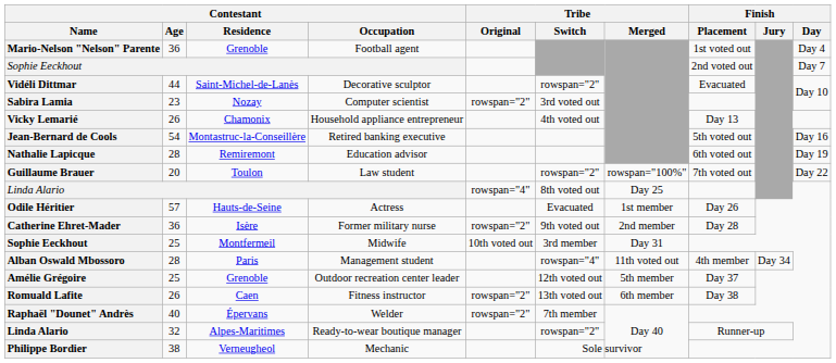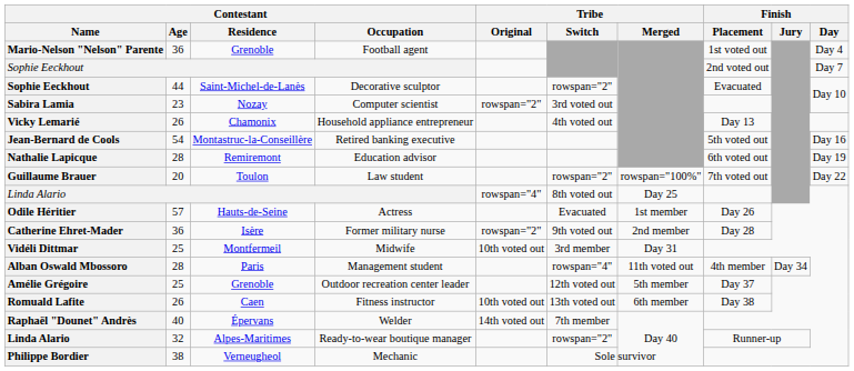 <table class="wikitable sortable" style="text-align:center;">
 <tr>
 <th colspan="4" scope="colgroup" class="unsortable">Contestant</th>
 <th colspan="3" scope="colgroup" class="unsortable">Tribe</th>
 <th colspan="3" scope="colgroup" class="unsortable">Finish</th>
 </tr>
 <tr>
 <th scope="col">Name</th>
 <th scope="col">Age</th>
 <th scope="col" class="unsortable">Residence</th>
 <th scope="col" class="unsortable">Occupation</th>
 <th scope="col">Original</th>
 <th scope="col">Switch</th>
 <th class="unsortable">Merged</th>
 <th scope="col" class=unsortable>Placement</th>
 <th scope="col" class=unsortable>Jury</th>
 <th scope="col" class=unsortable>Day</th>
 </tr>
 <tr>
 <th scope="row" style="text-align:left;">Mario-Nelson "Nelson" Parente</th>
 <td>36</td>
 <td><a href='#'>Grenoble</a></td>
 <td>Football agent</td>
 <td></td>
 <td rowspan="2" style="background:darkgray; border:none;"></td>
 <td rowspan="7" style="background:darkgray; border:none;"></td>
 <td>1st voted out</td>
 <td rowspan="9" style="background:darkgray; border:none;"></td>
 <td>Day 4</td>
 </tr>
 <tr>
 <th scope="row" colspan="4" style="text-align:left; font-weight:normal;"><em>Sophie Eeckhout</em></th>
 <td></td>
 <td>2nd voted out</td>
 <td>Day 7</td>
 </tr>
 <tr>
-<th scope="row" style="text-align:left;">Vidéli Dittmar</th>
+<th scope="row" style="text-align:left;">Sophie Eeckhout</th>
 <td>44</td>
 <td><a href='#'>Saint-Michel-de-Lanès</a></td>
 <td>Decorative sculptor</td>
 <td></td>
 <td>rowspan="2" </td>
 <td>Evacuated</td>
 <td rowspan="2">Day 10</td>
 </tr>
 <tr>
 <th scope="row" style="text-align:left;">Sabira Lamia</th>
 <td>23</td>
 <td><a href='#'>Nozay</a></td>
 <td>Computer scientist</td>
 <td>rowspan="2" </td>
 <td>3rd voted out</td>
 </tr>
 <tr>
 <th scope="row" style="text-align:left;">Vicky Lemarié</th>
 <td>26</td>
 <td><a href='#'>Chamonix</a></td>
 <td>Household appliance entrepreneur</td>
 <td></td>
 <td>4th voted out</td>
 <td>Day 13</td>
 </tr>
 <tr>
 <th scope="row" style="text-align:left;">Jean-Bernard de Cools</th>
 <td>54</td>
 <td><a href='#'>Montastruc-la-Conseillère</a></td>
 <td>Retired banking executive</td>
 <td></td>
 <td></td>
 <td>5th voted out</td>
 <td>Day 16</td>
 </tr>
 <tr>
 <th scope="row" style="text-align:left;">Nathalie Lapicque</th>
 <td>28</td>
 <td><a href='#'>Remiremont</a></td>
 <td>Education advisor</td>
 <td></td>
 <td></td>
 <td>6th voted out</td>
 <td>Day 19</td>
 </tr>
 <tr>
 <th scope="row" style="text-align:left;">Guillaume Brauer</th>
 <td>20</td>
 <td><a href='#'>Toulon</a></td>
 <td>Law student</td>
 <td></td>
 <td>rowspan="2" </td>
 <td>rowspan="100%" </td>
 <td>7th voted out</td>
 <td>Day 22</td>
 </tr>
 <tr>
 <th scope="row" colspan="4" style="text-align:left; font-weight:normal;"><em>Linda Alario</em></th>
 <td>rowspan="4" </td>
 <td>8th voted out</td>
 <td>Day 25</td>
 </tr>
 <tr>
 <th scope="row" style="text-align:left;">Odile Héritier</th>
 <td>57</td>
 <td><a href='#'>Hauts-de-Seine</a></td>
 <td>Actress</td>
 <td></td>
 <td>Evacuated</td>
 <td>1st member</td>
 <td>Day 26</td>
 </tr>
 <tr>
 <th scope="row" style="text-align:left;">Catherine Ehret-Mader</th>
 <td>36</td>
 <td><a href='#'>Isère</a></td>
 <td>Former military nurse</td>
 <td>rowspan="2" </td>
 <td>9th voted out</td>
 <td>2nd member</td>
 <td>Day 28</td>
 </tr>
 <tr>
-<th scope="row" style="text-align:left;">Sophie Eeckhout</th>
+<th scope="row" style="text-align:left;">Vidéli Dittmar</th>
 <td>25</td>
 <td><a href='#'>Montfermeil</a></td>
 <td>Midwife</td>
 <td>10th voted out</td>
 <td>3rd member</td>
 <td>Day 31</td>
 </tr>
 <tr>
 <th scope="row" style="text-align:left;">Alban Oswald Mbossoro</th>
 <td>28</td>
 <td><a href='#'>Paris</a></td>
 <td>Management student</td>
 <td></td>
 <td>rowspan="4" </td>
 <td>11th voted out</td>
 <td>4th member</td>
 <td>Day 34</td>
 </tr>
 <tr>
 <th scope="row" style="text-align:left;">Amélie Grégoire</th>
 <td>25</td>
 <td><a href='#'>Grenoble</a></td>
 <td>Outdoor recreation center leader</td>
 <td></td>
 <td>12th voted out</td>
 <td>5th member</td>
 <td>Day 37</td>
 </tr>
 <tr>
 <th scope="row" style="text-align:left;">Romuald Lafite</th>
 <td>26</td>
 <td><a href='#'>Caen</a></td>
 <td>Fitness instructor</td>
-<td>rowspan="2" </td>
+<td>10th voted out</td>
 <td>13th voted out</td>
 <td>6th member</td>
 <td>Day 38</td>
 </tr>
 <tr>
 <th scope="row" style="text-align:left;">Raphaël "Dounet" Andrès</th>
 <td>40</td>
 <td><a href='#'>Épervans</a></td>
 <td>Welder</td>
-<td>rowspan="2" </td>
+<td>14th voted out</td>
 <td>7th member</td>
 <td rowspan="3">Day 40</td>
 </tr>
 <tr>
 <th scope="row" style="text-align:left;">Linda Alario</th>
 <td>32</td>
 <td><a href='#'>Alpes-Maritimes</a></td>
 <td>Ready-to-wear boutique manager</td>
 <td></td>
 <td>rowspan="2" </td>
 <td colspan="2">Runner-up</td>
 </tr>
 <tr>
 <th scope="row" style="text-align:left;">Philippe Bordier</th>
 <td>38</td>
 <td><a href='#'>Verneugheol</a></td>
 <td>Mechanic</td>
 <td></td>
 <td colspan="2">Sole survivor</td>
 </tr>
 </table>
